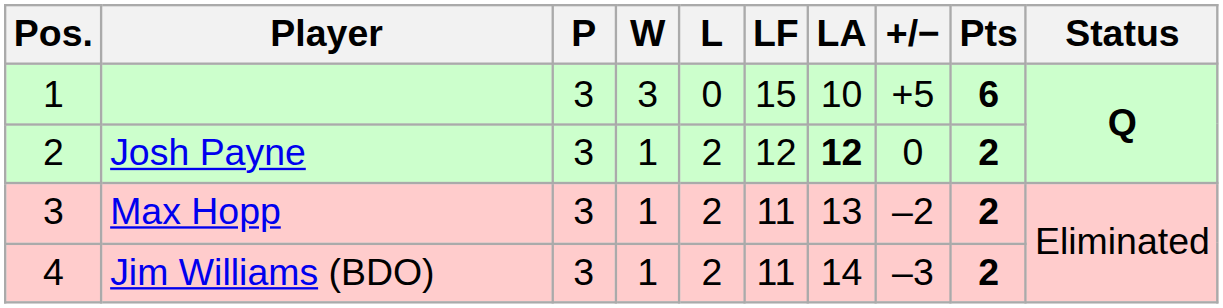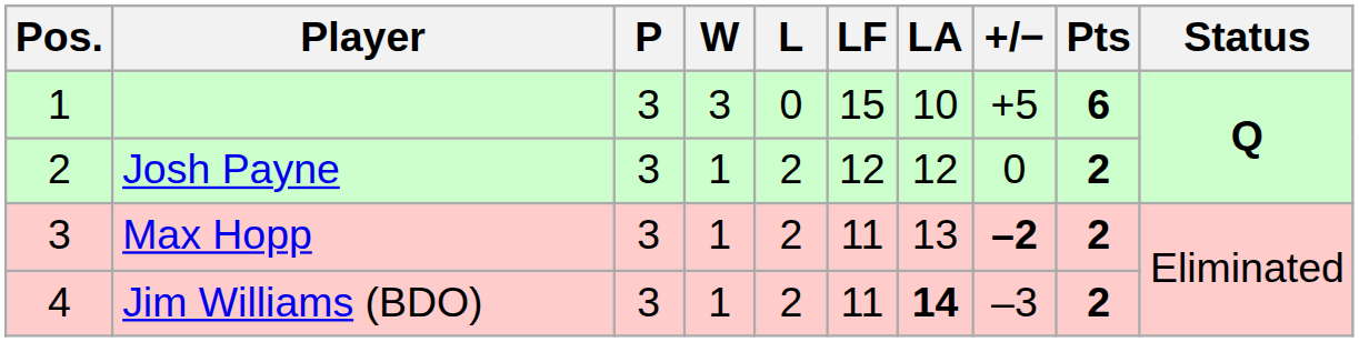 <table class="wikitable" style="text-align:center; margin: 1em auto 1em auto, align:left">
 <tr>
 <th width=20>Pos.</th>
 <th width=185>Player</th>
 <th width=20>P</th>
 <th width=20>W</th>
 <th width=20>L</th>
 <th width=20>LF</th>
 <th width=20>LA</th>
 <th width=25>+/−</th>
 <th width=20>Pts</th>
 <th width=70>Status</th>
 </tr>
 <tr style="background:#CCFFCC;">
 <td>1</td>
 <td align=left></td>
 <td>3</td>
 <td>3</td>
 <td>0</td>
 <td>15</td>
 <td>10</td>
 <td>+5</td>
 <td><strong>6</strong></td>
 <td rowspan=2><strong>Q</strong></td>
 </tr>
 <tr style="background:#CCFFCC;">
 <td>2</td>
 <td align=left> <a href='#'>Josh Payne</a></td>
 <td>3</td>
 <td>1</td>
 <td>2</td>
 <td>12</td>
-<td><strong>12</strong></td>
+<td>12</td>
 <td>0</td>
 <td><strong>2</strong></td>
 </tr>
 <tr style="background:#FFCCCC;">
 <td>3</td>
 <td align=left> <a href='#'>Max Hopp</a></td>
 <td>3</td>
 <td>1</td>
 <td>2</td>
 <td>11</td>
 <td>13</td>
-<td>–2</td>
+<td><strong>–2</strong></td>
 <td><strong>2</strong></td>
 <td rowspan=2>Eliminated</td>
 </tr>
 <tr style="background:#FFCCCC;">
 <td>4</td>
 <td align=left> <a href='#'>Jim Williams</a> (BDO)</td>
 <td>3</td>
 <td>1</td>
 <td>2</td>
 <td>11</td>
-<td>14</td>
+<td><strong>14</strong></td>
 <td>–3</td>
 <td><strong>2</strong></td>
 </tr>
 </table>
